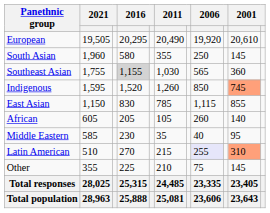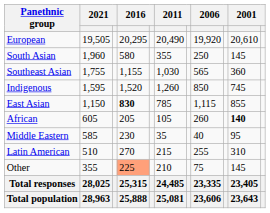 <table class="wikitable collapsible sortable">
 <tr>
 <th rowspan="2"><a href='#'>Panethnic</a><br>group</th>
 <th colspan="2">2021</th>
 <th colspan="2">2016</th>
 <th colspan="2">2011</th>
 <th colspan="2">2006</th>
 <th colspan="2">2001</th>
 </tr>
 <tr>
 <th><a href='#'></a></th>
 <th></th>
 <th></th>
 <th></th>
 <th></th>
 <th></th>
 <th></th>
 <th></th>
 <th></th>
 <th></th>
 </tr>
 <tr>
 <td><a href='#'>European</a></td>
 <td>19,505</td>
 <td></td>
 <td>20,295</td>
 <td></td>
 <td>20,490</td>
 <td></td>
 <td>19,920</td>
 <td></td>
 <td>20,610</td>
 <td></td>
 </tr>
 <tr>
 <td><a href='#'>South Asian</a></td>
 <td>1,960</td>
 <td></td>
 <td>580</td>
 <td></td>
 <td>355</td>
 <td></td>
 <td>250</td>
 <td></td>
 <td>145</td>
 <td></td>
 </tr>
 <tr>
 <td><a href='#'>Southeast Asian</a></td>
 <td>1,755</td>
 <td></td>
-<td style="background: lightgrey;">1,155</td>
+<td>1,155</td>
 <td></td>
 <td>1,030</td>
 <td></td>
 <td>565</td>
 <td></td>
 <td>360</td>
 <td></td>
 </tr>
 <tr>
 <td><a href='#'>Indigenous</a></td>
 <td>1,595</td>
 <td></td>
 <td>1,520</td>
 <td></td>
 <td>1,260</td>
 <td></td>
 <td>850</td>
 <td></td>
-<td style="background: lightsalmon;">745</td>
+<td>745</td>
 <td></td>
 </tr>
 <tr>
 <td><a href='#'>East Asian</a></td>
 <td>1,150</td>
 <td></td>
-<td>830</td>
+<td><strong>830</strong></td>
 <td></td>
 <td>785</td>
 <td></td>
 <td>1,115</td>
 <td></td>
 <td>855</td>
 <td></td>
 </tr>
 <tr>
 <td><a href='#'>African</a></td>
 <td>605</td>
 <td></td>
 <td>205</td>
 <td></td>
 <td>105</td>
 <td></td>
 <td>260</td>
 <td></td>
-<td>140</td>
+<td><strong>140</strong></td>
 <td></td>
 </tr>
 <tr>
 <td><a href='#'>Middle Eastern</a></td>
 <td>585</td>
 <td></td>
 <td>230</td>
 <td></td>
 <td>35</td>
 <td></td>
 <td>40</td>
 <td></td>
 <td>95</td>
 <td></td>
 </tr>
 <tr>
 <td><a href='#'>Latin American</a></td>
 <td>510</td>
 <td></td>
 <td>270</td>
 <td></td>
 <td>215</td>
 <td></td>
-<td style="background: lavender;">255</td>
+<td>255</td>
 <td></td>
-<td style="background: lightsalmon;">310</td>
+<td>310</td>
 <td></td>
 </tr>
 <tr>
 <td>Other</td>
 <td>355</td>
 <td></td>
-<td>225</td>
+<td style="background: lightsalmon;">225</td>
 <td></td>
 <td>210</td>
 <td></td>
 <td>75</td>
 <td></td>
 <td>145</td>
 <td></td>
 </tr>
 <tr>
 <th>Total responses</th>
 <th>28,025</th>
 <th></th>
 <th>25,315</th>
 <th></th>
 <th>24,485</th>
 <th></th>
 <th>23,335</th>
 <th></th>
 <th>23,405</th>
 <th></th>
 </tr>
 <tr>
 <th>Total population</th>
 <th>28,963</th>
 <th></th>
 <th>25,888</th>
 <th></th>
 <th>25,081</th>
 <th></th>
 <th>23,606</th>
 <th></th>
 <th>23,643</th>
 <th></th>
 </tr>
 </table>
